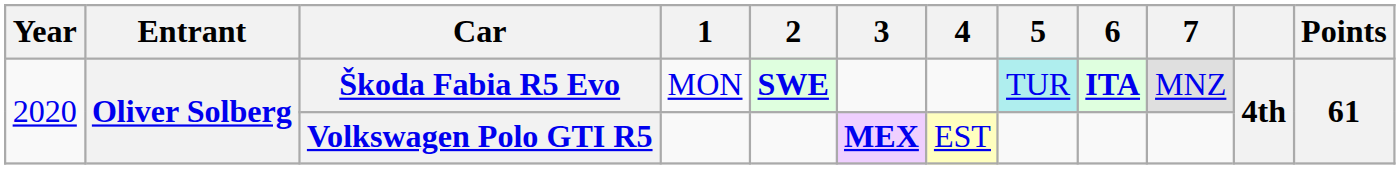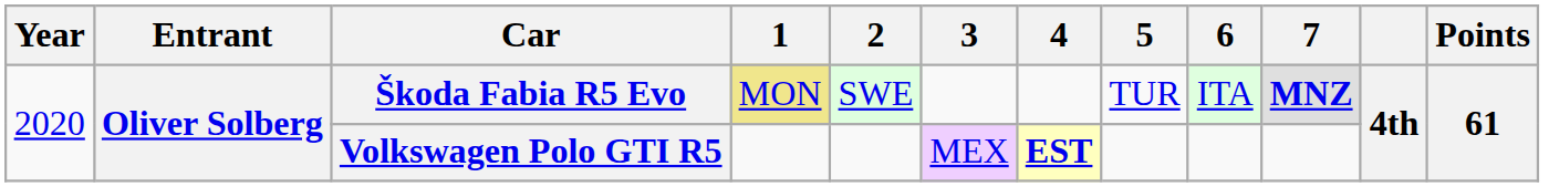 <table class="wikitable" style="text-align:center; font-size:90%">
 <tr>
 <th>Year</th>
 <th>Entrant</th>
 <th>Car</th>
 <th>1</th>
 <th>2</th>
 <th>3</th>
 <th>4</th>
 <th>5</th>
 <th>6</th>
 <th>7</th>
 <th></th>
 <th>Points</th>
 </tr>
 <tr>
 <td rowspan="2"><a href='#'>2020</a></td>
 <th rowspan="2"><a href='#'>Oliver Solberg</a></th>
 <th><a href='#'>Škoda Fabia R5 Evo</a></th>
-<td><a href='#'>MON</a></td>
-<td style="background:#DFFFDF;"><strong><a href='#'>SWE</a><br></strong></td>
+<td style="background: khaki;"><a href='#'>MON</a></td>
+<td style="background:#DFFFDF;"><a href='#'>SWE</a><br></td>
 <td></td>
 <td></td>
-<td style="background: paleturquoise;"><a href='#'>TUR</a></td>
-<td style="background:#DFFFDF;"><strong><a href='#'>ITA</a><br></strong></td>
-<td style="background:#DFDFDF;"><a href='#'>MNZ</a><br></td>
+<td><a href='#'>TUR</a></td>
+<td style="background:#DFFFDF;"><a href='#'>ITA</a><br></td>
+<td style="background:#DFDFDF;"><strong><a href='#'>MNZ</a><br></strong></td>
 <th rowspan="2">4th</th>
 <th rowspan="2">61</th>
 </tr>
 <tr>
 <th><a href='#'>Volkswagen Polo GTI R5</a></th>
 <td></td>
 <td></td>
-<td style="background:#efcfff"><strong><a href='#'>MEX</a><br></strong></td>
-<td style="background:#ffffbf"><a href='#'>EST</a><br></td>
+<td style="background:#efcfff"><a href='#'>MEX</a><br></td>
+<td style="background:#ffffbf"><strong><a href='#'>EST</a><br></strong></td>
 <td></td>
 <td></td>
 <td></td>
 </tr>
 </table>
